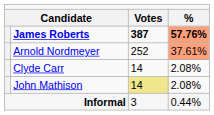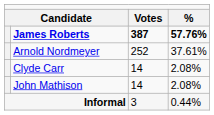 <table class="wikitable" style="font-size: 95%;">
 <tr>
 <td colspan=4></td>
 </tr>
 <tr style="background-color:#E9E9E9">
 <th colspan="2" style="width: 170px">Candidate</th>
 <th style="width: 50px">Votes</th>
 <th style="width: 40px">%</th>
 </tr>
 <tr>
 <th style="background-color: "></th>
 <td><strong><a href='#'>James Roberts</a></strong></td>
 <td><strong>387</strong></td>
-<td style="background: lightsalmon;"><strong>57.76%</strong></td>
+<td><strong>57.76%</strong></td>
 </tr>
 <tr>
 <th style="background-color: "></th>
 <td><a href='#'>Arnold Nordmeyer</a></td>
 <td>252</td>
-<td style="background: lightsalmon;">37.61%</td>
+<td>37.61%</td>
 </tr>
 <tr>
 <th style="background-color: "></th>
 <td><a href='#'>Clyde Carr</a></td>
 <td>14</td>
 <td>2.08%</td>
 </tr>
 <tr>
 <th style="background-color: "></th>
 <td><a href='#'>John Mathison</a></td>
-<td style="background: khaki;">14</td>
+<td>14</td>
 <td>2.08%</td>
 </tr>
 <tr style="background-color:#F6F6F6">
 <td colspan="2" align="right"><strong>Informal</strong></td>
 <td>3</td>
 <td>0.44%</td>
 </tr>
 </table>
